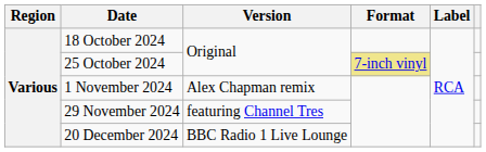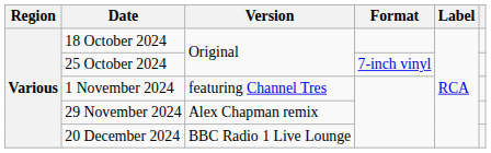 <table class="wikitable plainrowheaders">
 <tr>
 <th scope="col">Region</th>
 <th scope="col">Date</th>
 <th scope="col">Version</th>
 <th scope="col">Format</th>
 <th scope="col">Label</th>
 <th scope="col"></th>
 </tr>
 <tr>
 <th scope="row" rowspan="5">Various</th>
 <td>18 October 2024</td>
 <td rowspan="2">Original</td>
 <td></td>
 <td rowspan="5"><a href='#'>RCA</a></td>
 <td style="text-align:center;"></td>
 </tr>
 <tr>
 <td>25 October 2024</td>
-<td style="background: khaki;"><a href='#'>7-inch vinyl</a></td>
+<td><a href='#'>7-inch vinyl</a></td>
 <td style="text-align:center;"></td>
 </tr>
 <tr>
 <td>1 November 2024</td>
-<td>Alex Chapman remix</td>
+<td>featuring <a href='#'>Channel Tres</a></td>
 <td rowspan="3"></td>
 <td style="text-align:center;"></td>
 </tr>
 <tr>
 <td>29 November 2024</td>
-<td>featuring <a href='#'>Channel Tres</a></td>
+<td>Alex Chapman remix</td>
 <td style="text-align:center;"></td>
 </tr>
 <tr>
 <td>20 December 2024</td>
 <td>BBC Radio 1 Live Lounge</td>
 <td style="text-align:center;"></td>
 </tr>
 </table>
